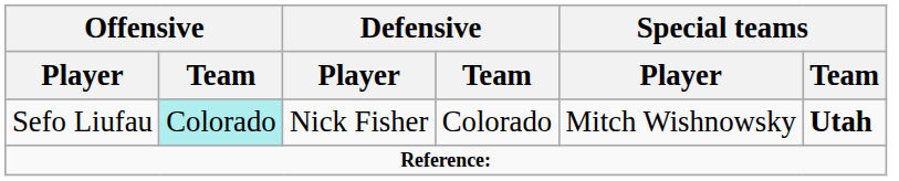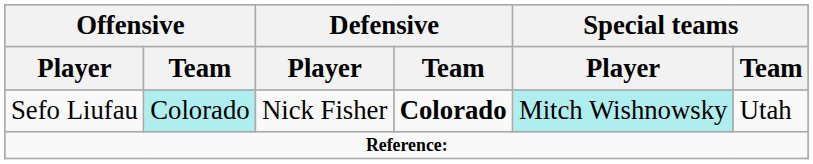 <table class="wikitable">
 <tr>
 <th colspan="2">Offensive</th>
 <th colspan="2">Defensive</th>
 <th colspan="2">Special teams</th>
 </tr>
 <tr>
 <th>Player</th>
 <th>Team</th>
 <th>Player</th>
 <th>Team</th>
 <th>Player</th>
 <th>Team</th>
 </tr>
 <tr>
 <td>Sefo Liufau</td>
 <td style="background: paleturquoise;">Colorado</td>
 <td>Nick Fisher</td>
-<td>Colorado</td>
-<td>Mitch Wishnowsky</td>
-<td><strong>Utah</strong></td>
+<td><strong>Colorado</strong></td>
+<td style="background: paleturquoise;">Mitch Wishnowsky</td>
+<td>Utah</td>
 </tr>
 <tr>
 <td colspan="12"  style="font-size:8pt; text-align:center;"><strong>Reference:</strong></td>
 </tr>
 </table>
